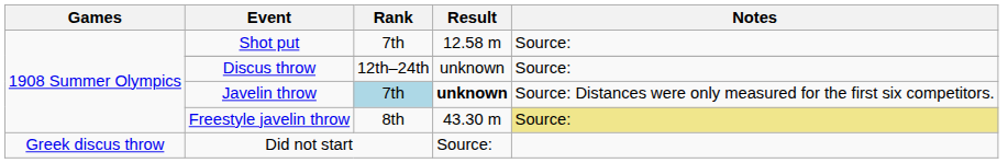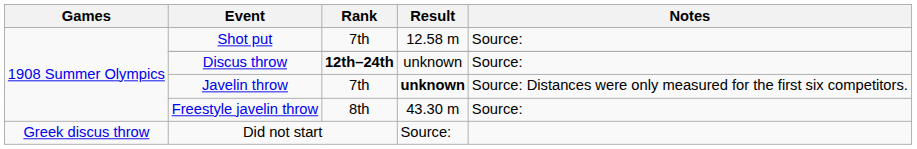 <table class="wikitable" style=" text-align:center;">
 <tr>
 <th>Games</th>
 <th>Event</th>
 <th>Rank</th>
 <th>Result</th>
 <th>Notes</th>
 </tr>
 <tr>
 <td rowspan=5><a href='#'>1908 Summer Olympics</a></td>
 <td><a href='#'>Shot put</a></td>
 <td>7th</td>
 <td>12.58 m</td>
 <td align=left>Source:</td>
 </tr>
 <tr>
 </tr>
 <tr>
 <td><a href='#'>Discus throw</a></td>
-<td>12th–24th</td>
+<td><strong>12th–24th</strong></td>
 <td>unknown</td>
 <td align=left>Source:</td>
 </tr>
 <tr>
 <td><a href='#'>Javelin throw</a></td>
-<td style="background: lightblue;">7th</td>
+<td>7th</td>
 <td><strong>unknown</strong></td>
 <td align=left>Source: Distances were only measured for the first six competitors.</td>
 </tr>
 <tr>
 <td><a href='#'>Freestyle javelin throw</a></td>
 <td>8th</td>
 <td>43.30 m</td>
-<td align=left style="background: khaki;">Source:</td>
+<td align=left>Source:</td>
 </tr>
 <tr>
 <td><a href='#'>Greek discus throw</a></td>
 <td colspan=2>Did not start</td>
 <td align=left>Source:</td>
 </tr>
 </table>
